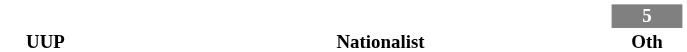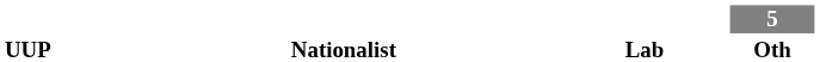 <table style="width:50%; text-align:center;">
 <tr style="color:white;">
 <td style="background:"><strong>34</strong></td>
 <td style="background:"><strong>9</strong></td>
+<td style="background:"><strong>4</strong></td>
 <td style="background:grey; width:9.62%;"><strong>5</strong></td>
 </tr>
 <tr>
 <td><span><strong>UUP</strong></span></td>
 <td><span><strong>Nationalist</strong></span></td>
+<td><span><strong>Lab</strong></span></td>
 <td><span><strong>Oth</strong></span></td>
 </tr>
 </table>
